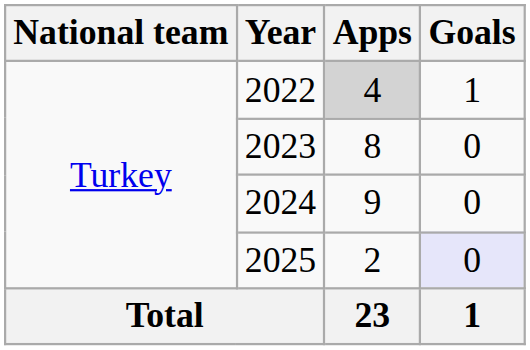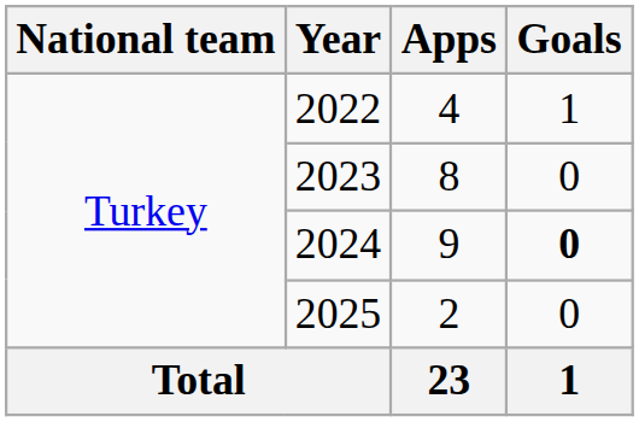 <table class="wikitable" style="text-align:center">
 <tr>
 <th>National team</th>
 <th>Year</th>
 <th>Apps</th>
 <th>Goals</th>
 </tr>
 <tr>
 <td rowspan="4"><a href='#'>Turkey</a></td>
 <td>2022</td>
-<td style="background: lightgrey;">4</td>
+<td>4</td>
 <td>1</td>
 </tr>
 <tr>
 <td>2023</td>
 <td>8</td>
 <td>0</td>
 </tr>
 <tr>
 <td>2024</td>
 <td>9</td>
-<td>0</td>
+<td><strong>0</strong></td>
 </tr>
 <tr>
 <td>2025</td>
 <td>2</td>
-<td style="background: lavender;">0</td>
+<td>0</td>
 </tr>
 <tr>
 <th colspan="2">Total</th>
 <th>23</th>
 <th>1</th>
 </tr>
 </table>
